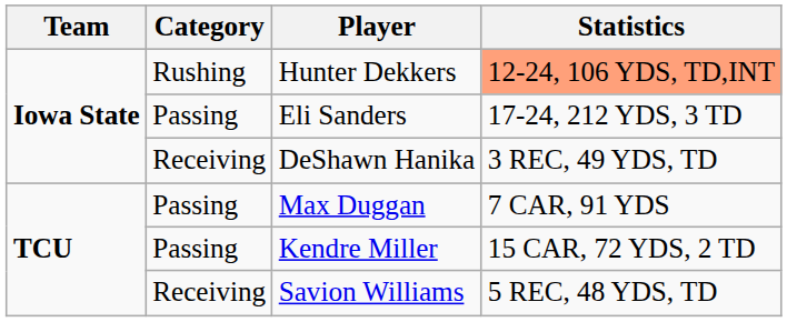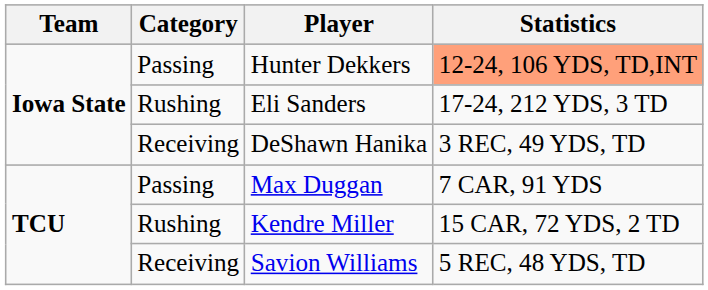 <table class="wikitable" style="float: right;">
 <tr>
 <th>Team</th>
 <th>Category</th>
 <th>Player</th>
 <th>Statistics</th>
 </tr>
 <tr>
 <td rowspan=3><strong>Iowa State</strong></td>
-<td>Rushing</td>
+<td>Passing</td>
 <td>Hunter Dekkers</td>
 <td style="background: lightsalmon;">12-24, 106 YDS, TD,INT</td>
 </tr>
 <tr>
-<td>Passing</td>
+<td>Rushing</td>
 <td>Eli Sanders</td>
 <td>17-24, 212 YDS, 3 TD</td>
 </tr>
 <tr>
 <td>Receiving</td>
 <td>DeShawn Hanika</td>
 <td>3 REC, 49 YDS, TD</td>
 </tr>
 <tr>
 <td rowspan=3><strong>TCU</strong></td>
 <td>Passing</td>
 <td><a href='#'>Max Duggan</a></td>
 <td>7 CAR, 91 YDS</td>
 </tr>
 <tr>
-<td>Passing</td>
+<td>Rushing</td>
 <td><a href='#'>Kendre Miller</a></td>
 <td>15 CAR, 72 YDS, 2 TD</td>
 </tr>
 <tr>
 <td>Receiving</td>
 <td><a href='#'>Savion Williams</a></td>
 <td>5 REC, 48 YDS, TD</td>
 </tr>
 </table>
